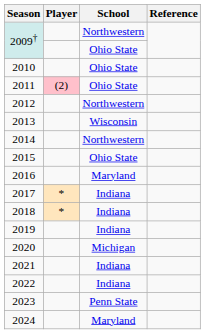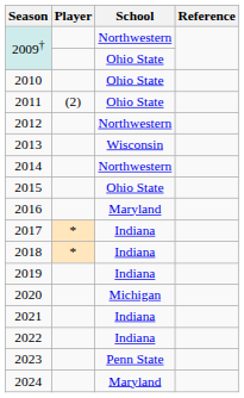 <table class="wikitable" style="text-align:center;">
 <tr>
 <th>Season</th>
 <th>Player</th>
 <th>School</th>
 <th class="unsortable">Reference</th>
 </tr>
 <tr>
 <td style="background:#cfecec;" rowspan=2>2009<sup>†</sup></td>
 <td><br></td>
 <td><a href='#'>Northwestern</a></td>
 <td rowspan=2></td>
 </tr>
 <tr>
 <td></td>
 <td><a href='#'>Ohio State</a></td>
 </tr>
 <tr>
 <td>2010</td>
 <td></td>
 <td><a href='#'>Ohio State</a></td>
 <td></td>
 </tr>
 <tr>
 <td>2011</td>
-<td style="background: pink;"> (2)</td>
+<td> (2)</td>
 <td><a href='#'>Ohio State</a></td>
 <td></td>
 </tr>
 <tr>
 <td>2012</td>
 <td></td>
 <td><a href='#'>Northwestern</a></td>
 <td></td>
 </tr>
 <tr>
 <td>2013</td>
 <td></td>
 <td><a href='#'>Wisconsin</a></td>
 <td></td>
 </tr>
 <tr>
 <td>2014</td>
 <td></td>
 <td><a href='#'>Northwestern</a></td>
 <td></td>
 </tr>
 <tr>
 <td>2015</td>
 <td></td>
 <td><a href='#'>Ohio State</a></td>
 <td></td>
 </tr>
 <tr>
 <td>2016</td>
 <td></td>
 <td><a href='#'>Maryland</a></td>
 <td></td>
 </tr>
 <tr>
 <td>2017</td>
 <td style="background:#ffe6bd;">*</td>
 <td><a href='#'>Indiana</a></td>
 <td></td>
 </tr>
 <tr>
 <td>2018</td>
 <td style="background:#ffe6bd;">*</td>
 <td><a href='#'>Indiana</a></td>
 <td></td>
 </tr>
 <tr>
 <td>2019</td>
 <td></td>
 <td><a href='#'>Indiana</a></td>
 <td></td>
 </tr>
 <tr>
 <td>2020</td>
 <td></td>
 <td><a href='#'>Michigan</a></td>
 <td></td>
 </tr>
 <tr>
 <td>2021</td>
 <td></td>
 <td><a href='#'>Indiana</a></td>
 <td></td>
 </tr>
 <tr>
 <td>2022</td>
 <td></td>
 <td><a href='#'>Indiana</a></td>
 <td></td>
 </tr>
 <tr>
 <td>2023</td>
 <td></td>
 <td><a href='#'>Penn State</a></td>
 <td></td>
 </tr>
 <tr>
 <td>2024</td>
 <td></td>
 <td><a href='#'>Maryland</a></td>
 <td></td>
 </tr>
 </table>
